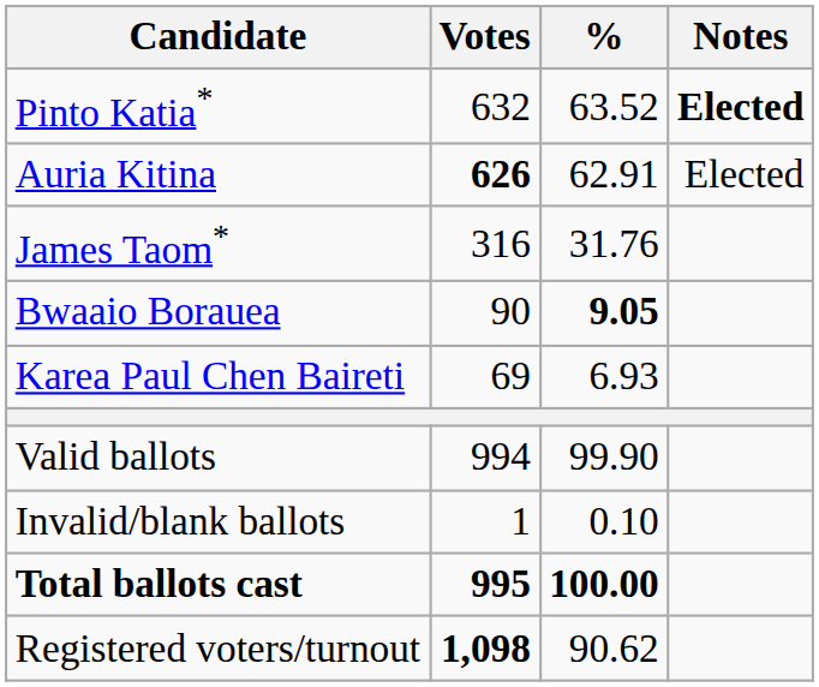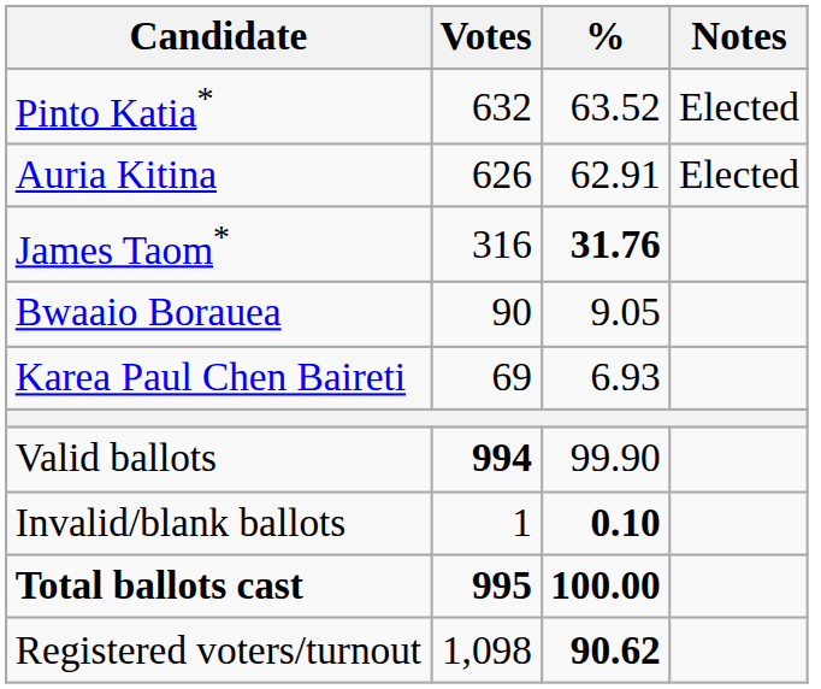 <table class=wikitable style=text-align:right>
 <tr>
 <th>Candidate</th>
 <th>Votes</th>
 <th>%</th>
 <th>Notes</th>
 </tr>
 <tr>
 <td align=left><a href='#'>Pinto Katia</a><sup>*</sup></td>
 <td>632</td>
 <td>63.52</td>
-<td><strong>Elected</strong></td>
+<td>Elected</td>
 </tr>
 <tr>
 <td align=left><a href='#'>Auria Kitina</a></td>
-<td><strong>626</strong></td>
+<td>626</td>
 <td>62.91</td>
 <td>Elected</td>
 </tr>
 <tr>
 <td align=left><a href='#'>James Taom</a><sup>*</sup></td>
 <td>316</td>
-<td>31.76</td>
+<td><strong>31.76</strong></td>
 <td></td>
 </tr>
 <tr>
 <td align=left><a href='#'>Bwaaio Borauea</a></td>
 <td>90</td>
-<td><strong>9.05</strong></td>
+<td>9.05</td>
 <td></td>
 </tr>
 <tr>
 <td align=left><a href='#'>Karea Paul Chen Baireti</a></td>
 <td>69</td>
 <td>6.93</td>
 <td></td>
 </tr>
 <tr>
 <th colspan=6></th>
 </tr>
 <tr>
 <td align=left>Valid ballots</td>
-<td>994</td>
+<td><strong>994</strong></td>
 <td>99.90</td>
 <td></td>
 </tr>
 <tr>
 <td align=left>Invalid/blank ballots</td>
 <td>1</td>
-<td>0.10</td>
+<td><strong>0.10</strong></td>
 <td></td>
 </tr>
 <tr style="font-weight:bold">
 <td align=left>Total ballots cast</td>
 <td>995</td>
 <td>100.00</td>
 <td></td>
 </tr>
 <tr>
 <td align=left>Registered voters/turnout</td>
-<td><strong>1,098</strong></td>
-<td>90.62</td>
+<td>1,098</td>
+<td><strong>90.62</strong></td>
 <td></td>
 </tr>
 </table>
